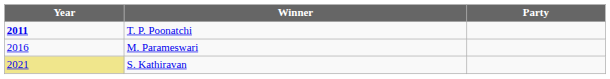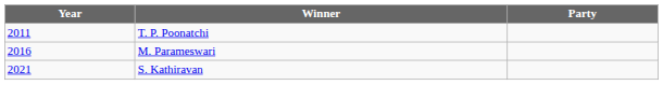 <table class="wikitable" width="70%">
 <tr>
 <th style="background-color:#666666; color:white">Year</th>
 <th style="background-color:#666666; color:white">Winner</th>
 <th style="background-color:#666666; color:white" colspan="2">Party</th>
 </tr>
 <tr>
-<td><strong><a href='#'>2011</a></strong></td>
+<td><a href='#'>2011</a></td>
 <td><a href='#'>T. P. Poonatchi</a></td>
 <td></td>
 </tr>
 <tr>
 <td><a href='#'>2016</a></td>
 <td><a href='#'>M. Parameswari</a></td>
 <td></td>
 </tr>
 <tr>
-<td style="background: khaki;"><a href='#'>2021</a></td>
+<td><a href='#'>2021</a></td>
 <td><a href='#'>S. Kathiravan</a></td>
 <td></td>
 </tr>
 </table>
